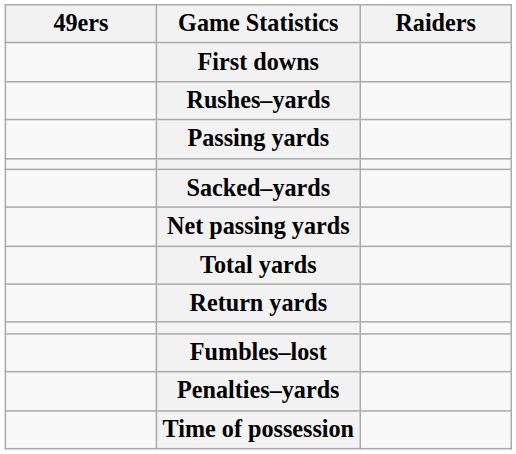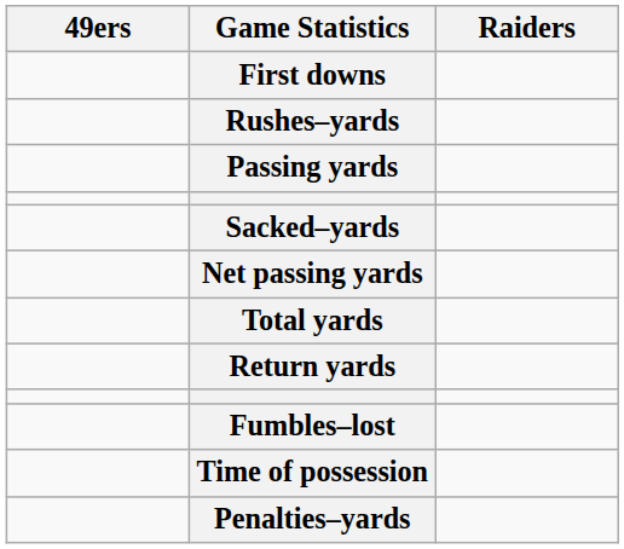 <table class="wikitable" style="margin: 1em auto 1em auto">
 <tr>
 <th style="width:30%;">49ers</th>
 <th style="width:40%;">Game Statistics</th>
 <th style="width:30%;">Raiders</th>
 </tr>
 <tr>
 <td style="text-align:right;"></td>
 <th>First downs</th>
 <td></td>
 </tr>
 <tr>
 <td style="text-align:right;"></td>
 <th>Rushes–yards</th>
 <td></td>
 </tr>
 <tr>
 <td style="text-align:right;"></td>
 <th>Passing yards</th>
 <td></td>
 </tr>
 <tr>
 <td style="text-align:right;"></td>
 <th></th>
 <td></td>
 </tr>
 <tr>
 <td style="text-align:right;"></td>
 <th>Sacked–yards</th>
 <td></td>
 </tr>
 <tr>
 <td style="text-align:right;"></td>
 <th>Net passing yards</th>
 <td></td>
 </tr>
 <tr>
 <td style="text-align:right;"></td>
 <th>Total yards</th>
 <td></td>
 </tr>
 <tr>
 <td style="text-align:right;"></td>
 <th>Return yards</th>
 <td></td>
 </tr>
 <tr>
 <td style="text-align:right;"></td>
 <th></th>
 <td></td>
 </tr>
 <tr>
 <td style="text-align:right;"></td>
 <th>Fumbles–lost</th>
 <td></td>
 </tr>
 <tr>
 <td style="text-align:right;"></td>
-<th>Penalties–yards</th>
+<th>Time of possession</th>
 <td></td>
 </tr>
 <tr>
 <td style="text-align:right;"></td>
-<th>Time of possession</th>
+<th>Penalties–yards</th>
 <td></td>
 </tr>
 </table>
